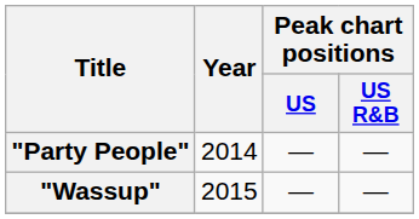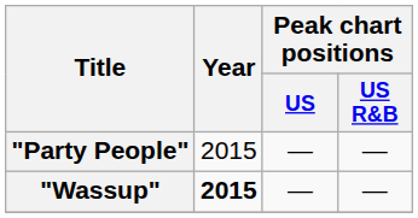 <table class="wikitable plainrowheaders" style="text-align:center;">
 <tr>
 <th rowspan="2" scope="col">Title</th>
 <th rowspan="2" scope="col">Year</th>
 <th colspan="2" scope="col">Peak chart positions</th>
 </tr>
 <tr>
 <th scope="col" style="width:3em;font-size:85%;"><a href='#'>US</a><br></th>
 <th scope="col" style="width:3em;font-size:85%;"><a href='#'>US<br>R&B</a><br></th>
 </tr>
 <tr>
 <th scope="row">"Party People"</th>
-<td rowspan="“1">2014</td>
+<td rowspan="“1">2015</td>
 <td>—</td>
 <td>—</td>
 </tr>
 <tr>
 <th scope="row">"Wassup"</th>
-<td rowspan="1">2015</td>
+<td rowspan="1"><strong>2015</strong></td>
 <td>—</td>
 <td>—</td>
 </tr>
 <tr>
 </tr>
 </table>
